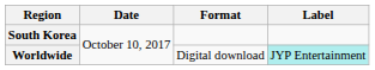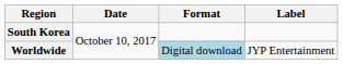 <table class="wikitable plainrowheaders">
 <tr>
 <th>Region</th>
 <th>Date</th>
 <th>Format</th>
 <th>Label</th>
 </tr>
 <tr>
 <th scope="row">South Korea</th>
 <td rowspan="2">October 10, 2017</td>
 <td></td>
 <td></td>
 </tr>
 <tr>
 <th scope=row>Worldwide</th>
-<td>Digital download</td>
-<td style="background: paleturquoise;">JYP Entertainment</td>
+<td style="background: lightblue;">Digital download</td>
+<td>JYP Entertainment</td>
 </tr>
 </table>
